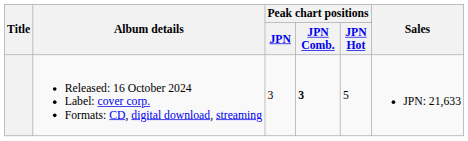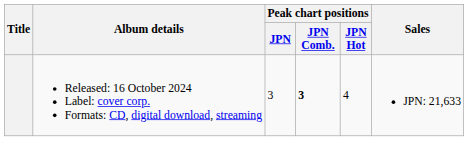 <table class="wikitable plainrowheaders">
 <tr>
 <th rowspan="2" scope="col">Title</th>
 <th rowspan="2" scope="col">Album details</th>
 <th colspan="3" scope="col">Peak chart positions</th>
 <th rowspan="2" scope="col">Sales</th>
 </tr>
 <tr>
 <th scope="col"><a href='#'>JPN</a><br></th>
 <th scope="col"><a href='#'>JPN<br>Comb.</a><br></th>
 <th scope="col"><a href='#'>JPN<br>Hot</a><br></th>
 </tr>
 <tr>
 <th scope="row"><em></em></th>
 <td><br><ul><li>Released: 16 October 2024</li><li>Label: <a href='#'>cover corp.</a></li><li>Formats: <a href='#'>CD</a>, <a href='#'>digital download</a>, <a href='#'>streaming</a></li></ul></td>
 <td>3</td>
 <td><strong>3</strong></td>
-<td>5</td>
+<td>4</td>
 <td><br><ul><li>JPN: 21,633</li></ul></td>
 </tr>
 </table>
